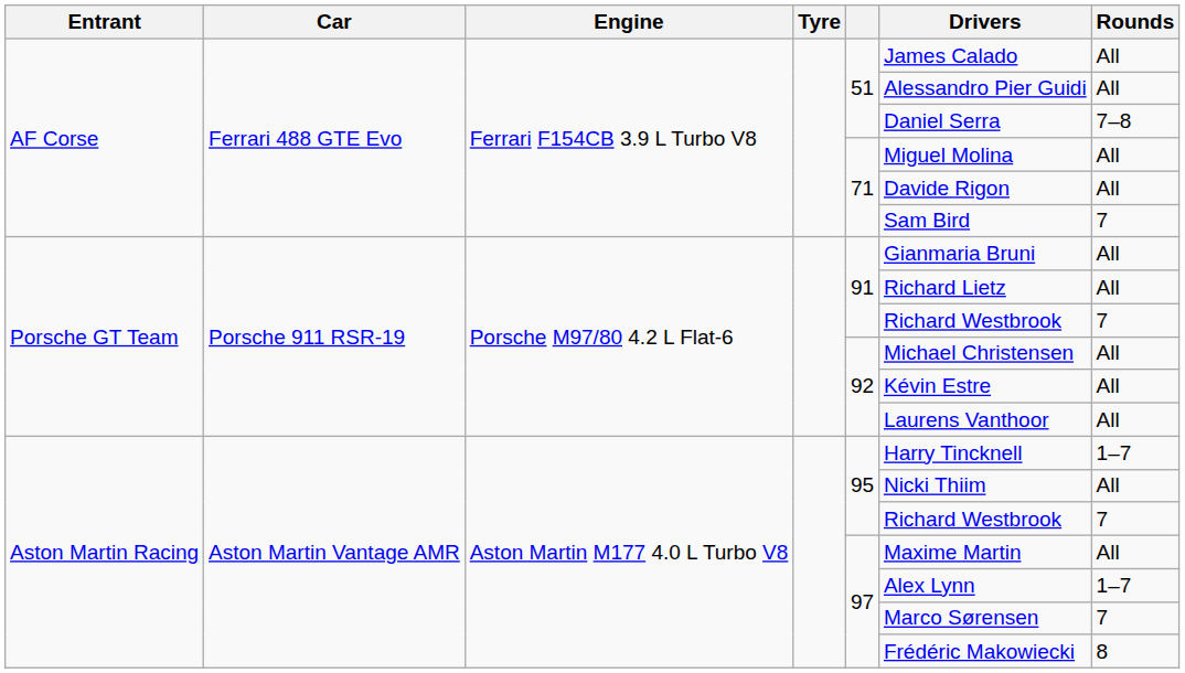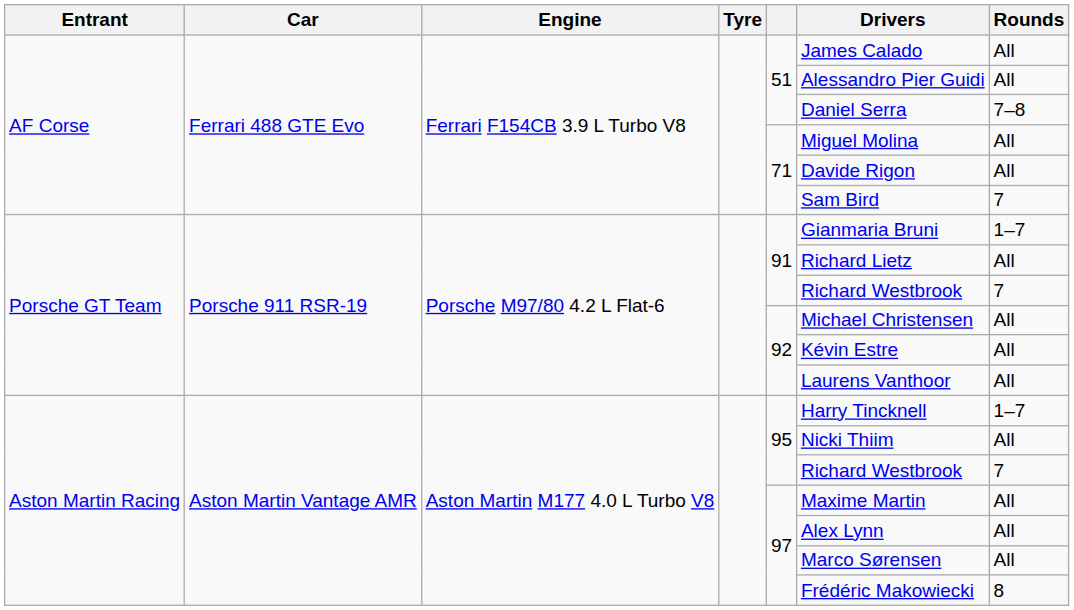 <table class="wikitable" style="font-size: 90%">
 <tr>
 <th>Entrant</th>
 <th>Car</th>
 <th>Engine</th>
 <th>Tyre</th>
 <th></th>
 <th>Drivers</th>
 <th>Rounds</th>
 </tr>
 <tr>
 <td rowspan=6> <a href='#'>AF Corse</a></td>
 <td rowspan=6><a href='#'>Ferrari 488 GTE Evo</a></td>
 <td rowspan=6><a href='#'>Ferrari</a> <a href='#'>F154CB</a> 3.9 L Turbo V8</td>
 <td rowspan=6></td>
 <td rowspan=3>51</td>
 <td> <a href='#'>James Calado</a></td>
 <td>All</td>
 </tr>
 <tr>
 <td> <a href='#'>Alessandro Pier Guidi</a></td>
 <td>All</td>
 </tr>
 <tr>
 <td> <a href='#'>Daniel Serra</a></td>
 <td>7–8</td>
 </tr>
 <tr>
 <td rowspan=3>71</td>
 <td> <a href='#'>Miguel Molina</a></td>
 <td>All</td>
 </tr>
 <tr>
 <td> <a href='#'>Davide Rigon</a></td>
 <td>All</td>
 </tr>
 <tr>
 <td> <a href='#'>Sam Bird</a></td>
 <td>7</td>
 </tr>
 <tr>
 <td rowspan=6> <a href='#'>Porsche GT Team</a></td>
 <td rowspan=6><a href='#'>Porsche 911 RSR-19</a></td>
 <td rowspan=6><a href='#'>Porsche</a> <a href='#'>M97/80</a> 4.2 L Flat-6</td>
 <td rowspan=6></td>
 <td rowspan=3>91</td>
 <td> <a href='#'>Gianmaria Bruni</a></td>
-<td>All</td>
+<td>1–7</td>
 </tr>
 <tr>
 <td> <a href='#'>Richard Lietz</a></td>
 <td>All</td>
 </tr>
 <tr>
 <td> <a href='#'>Richard Westbrook</a></td>
 <td>7</td>
 </tr>
 <tr>
 <td rowspan=3>92</td>
 <td> <a href='#'>Michael Christensen</a></td>
 <td>All</td>
 </tr>
 <tr>
 <td> <a href='#'>Kévin Estre</a></td>
 <td>All</td>
 </tr>
 <tr>
 <td> <a href='#'>Laurens Vanthoor</a></td>
 <td>All</td>
 </tr>
 <tr>
 <td rowspan=7> <a href='#'>Aston Martin Racing</a></td>
 <td rowspan=7><a href='#'>Aston Martin Vantage AMR</a></td>
 <td rowspan=7><a href='#'>Aston Martin</a> <a href='#'>M177</a> 4.0 L Turbo <a href='#'>V8</a></td>
 <td rowspan=7></td>
 <td rowspan=3>95</td>
 <td> <a href='#'>Harry Tincknell</a></td>
 <td>1–7</td>
 </tr>
 <tr>
 <td> <a href='#'>Nicki Thiim</a></td>
 <td>All</td>
 </tr>
 <tr>
 <td> <a href='#'>Richard Westbrook</a></td>
 <td>7</td>
 </tr>
 <tr>
 <td rowspan=4>97</td>
 <td> <a href='#'>Maxime Martin</a></td>
 <td>All</td>
 </tr>
 <tr>
 <td> <a href='#'>Alex Lynn</a></td>
-<td>1–7</td>
+<td>All</td>
 </tr>
 <tr>
 <td> <a href='#'>Marco Sørensen</a></td>
-<td>7</td>
+<td>All</td>
 </tr>
 <tr>
 <td> <a href='#'>Frédéric Makowiecki</a></td>
 <td>8</td>
 </tr>
 </table>
